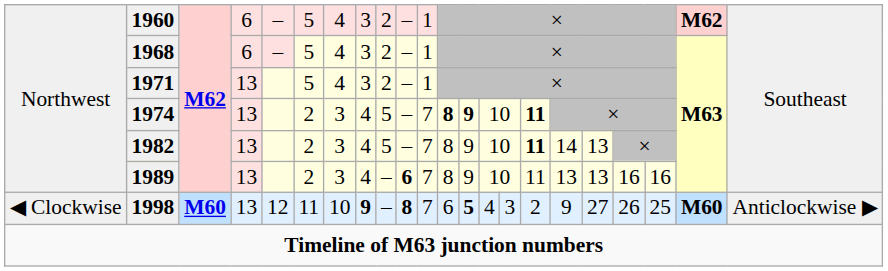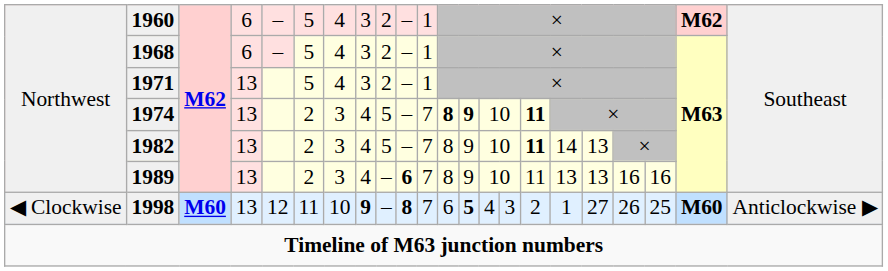 <table class="wikitable" style="line-height:100%; text-align:center;">
 <tr style="background:#FFE0E0;">
 <td rowspan="6" style="background:#F0F0F0;">Northwest</td>
 <td style="background:#F0F0F0;"><strong>1960</strong></td>
 <td rowspan="6" style="background:#FFD0D0;"><strong><a href='#'>M62</a></strong></td>
 <td>6</td>
 <td>–</td>
 <td>5</td>
 <td>4</td>
 <td>3</td>
 <td>2</td>
 <td>–</td>
 <td>1</td>
 <td colspan="9" style="background:silver;">×</td>
 <td style="background:#FFD0D0;"><strong>M62</strong></td>
 <td rowspan="6" style="background:#F0F0F0;">Southeast</td>
 </tr>
 <tr style="background:#FFFFE0;">
 <td style="background:#F0F0F0;"><strong>1968</strong></td>
 <td style="background:#FFE0E0;">6</td>
 <td style="background:#FFE0E0;">–</td>
 <td>5</td>
 <td>4</td>
 <td>3</td>
 <td>2</td>
 <td>–</td>
 <td>1</td>
 <td colspan="9" style="background:silver;">×</td>
 <td rowspan="5" style="background:#FFFFC0;"><strong>M63</strong></td>
 </tr>
 <tr style="background:#FFFFE0;">
 <td style="background:#F0F0F0;"><strong>1971</strong></td>
 <td style="background:#FFE0E0;">13</td>
 <td></td>
 <td>5</td>
 <td>4</td>
 <td>3</td>
 <td>2</td>
 <td>–</td>
 <td>1</td>
 <td colspan="9" style="background:silver;">×</td>
 </tr>
 <tr style="background:#FFFFE0;">
 <td style="background:#F0F0F0;"><strong>1974</strong></td>
 <td style="background:#FFE0E0;">13</td>
 <td></td>
 <td>2</td>
 <td>3</td>
 <td>4</td>
 <td>5</td>
 <td>–</td>
 <td>7</td>
 <td><strong>8</strong></td>
 <td><strong>9</strong></td>
 <td colspan="2">10</td>
 <td><strong>11</strong></td>
 <td colspan="4" style="background:silver;">×</td>
 </tr>
 <tr style="background:#FFFFE0;">
 <td style="background:#F0F0F0;"><strong>1982</strong></td>
 <td style="background:#FFE0E0;">13</td>
 <td></td>
 <td>2</td>
 <td>3</td>
 <td>4</td>
 <td>5</td>
 <td>–</td>
 <td>7</td>
 <td>8</td>
 <td>9</td>
 <td colspan="2">10</td>
 <td><strong>11</strong></td>
 <td>14</td>
 <td>13</td>
 <td colspan="2" style="background:silver;">×</td>
 </tr>
 <tr style="background:#FFFFE0;">
 <td style="background:#F0F0F0;"><strong>1989</strong></td>
 <td style="background:#FFE0E0;">13</td>
 <td></td>
 <td>2</td>
 <td>3</td>
 <td>4</td>
 <td>–</td>
 <td><strong>6</strong></td>
 <td>7</td>
 <td>8</td>
 <td>9</td>
 <td colspan="2">10</td>
 <td>11</td>
 <td>13</td>
 <td>13</td>
 <td>16</td>
 <td>16</td>
 </tr>
 <tr style="background:#E0F0FF;">
 <td style="background:#F0F0F0;">◀ Clockwise</td>
 <td style="background:#F0F0F0;"><strong>1998</strong></td>
 <td style="background:#C0E0FF;"><strong><a href='#'>M60</a></strong></td>
 <td>13</td>
 <td>12</td>
 <td>11</td>
 <td>10</td>
 <td><strong>9</strong></td>
 <td>–</td>
 <td><strong>8</strong></td>
 <td>7</td>
 <td>6</td>
 <td><strong>5</strong></td>
 <td>4</td>
 <td>3</td>
 <td>2</td>
-<td>9</td>
+<td>1</td>
 <td>27</td>
 <td>26</td>
 <td>25</td>
 <td style="background:#C0E0FF;"><strong>M60</strong></td>
 <td style="background:#F0F0F0;">Anticlockwise ▶</td>
 </tr>
 <tr>
 <td colspan="22" style="line-height:150%;"><strong>Timeline of M63 junction numbers</strong></td>
 </tr>
 </table>
